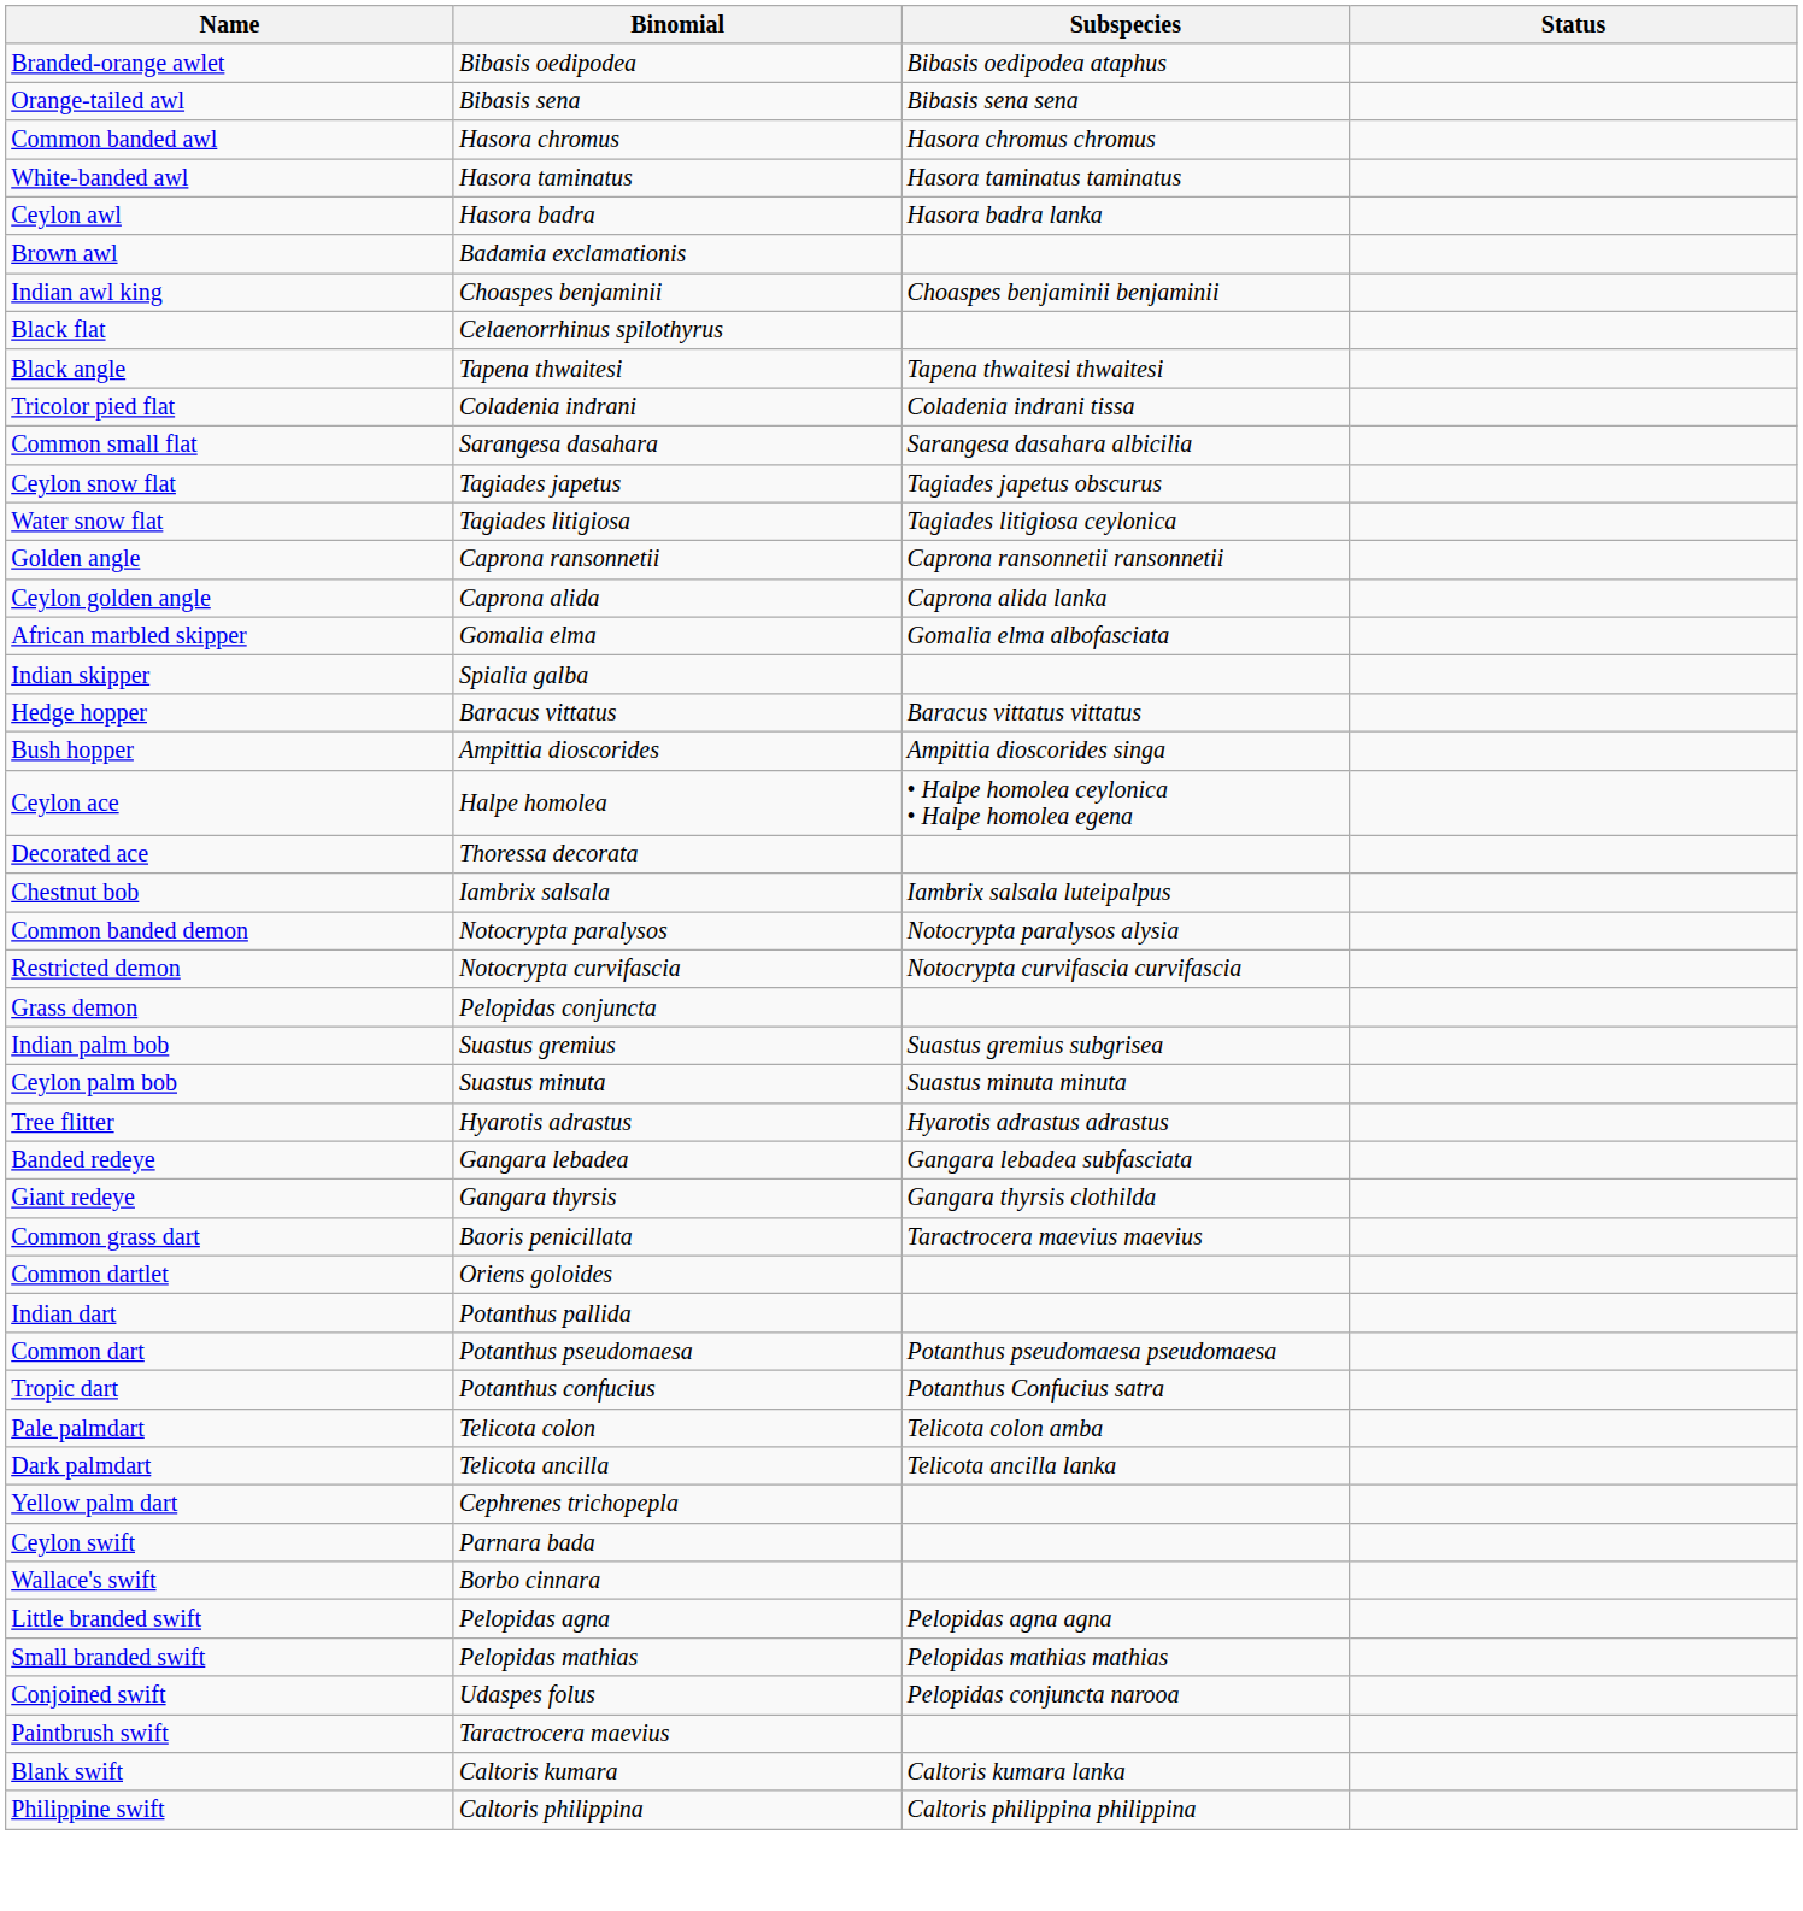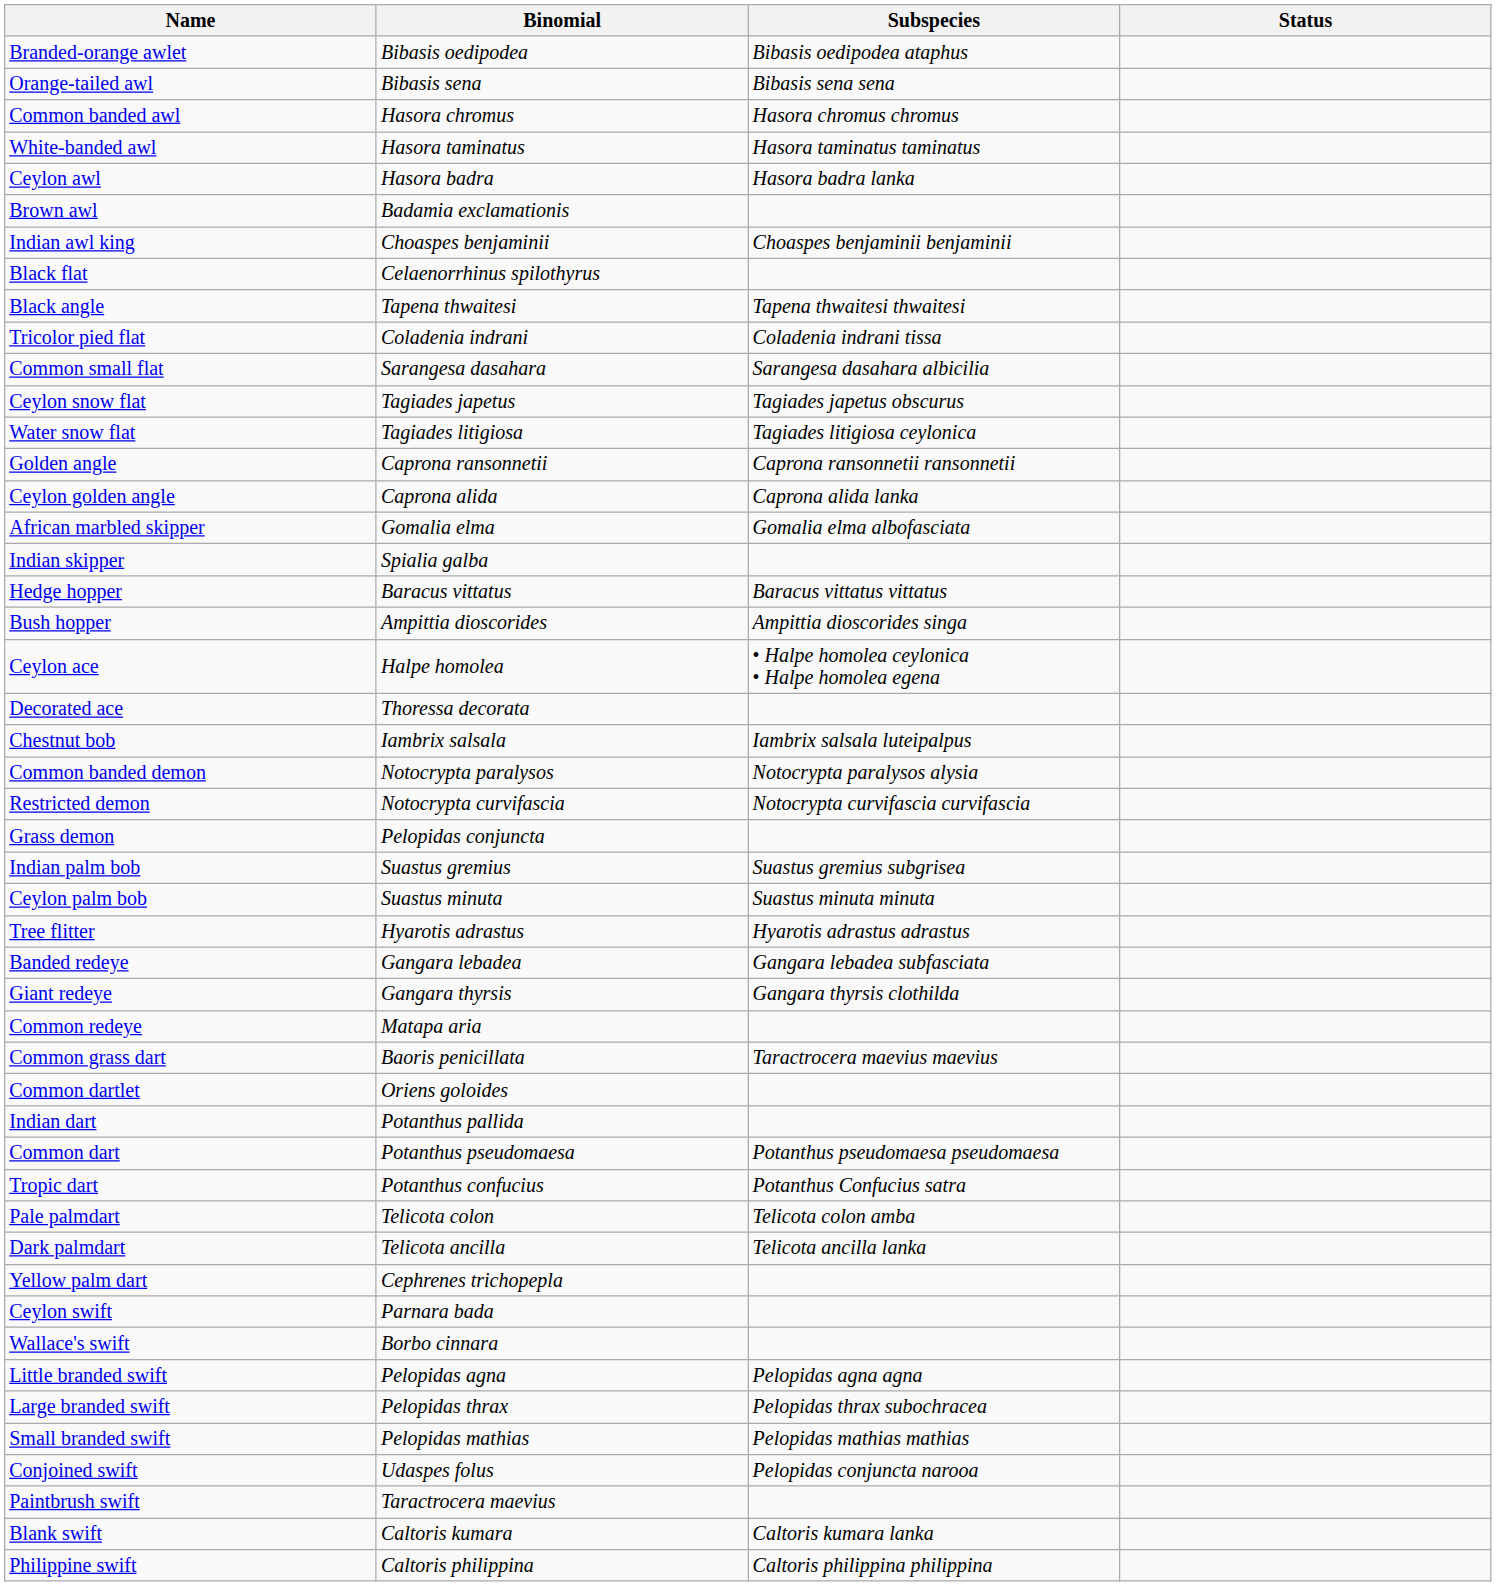 <table width=60% class="wikitable">
 <tr>
 <th width=20%>Name</th>
 <th width=20%>Binomial</th>
 <th width=20%>Subspecies</th>
 <th width=20%>Status</th>
 </tr>
 <tr>
 <td><a href='#'>Branded-orange awlet</a><br></td>
 <td><em>Bibasis oedipodea</em></td>
 <td><em>Bibasis oedipodea ataphus</em></td>
 <td></td>
 </tr>
 <tr>
 <td><a href='#'>Orange-tailed awl</a><br> </td>
 <td><em>Bibasis sena</em></td>
 <td><em>Bibasis sena sena</em></td>
 <td></td>
 </tr>
 <tr>
 <td><a href='#'>Common banded awl</a><br> </td>
 <td><em>Hasora chromus</em></td>
 <td><em>Hasora chromus chromus</em></td>
 <td></td>
 </tr>
 <tr>
 <td><a href='#'>White-banded awl</a><br></td>
 <td><em>Hasora taminatus</em></td>
 <td><em>Hasora taminatus taminatus</em></td>
 <td></td>
 </tr>
 <tr>
 <td><a href='#'>Ceylon awl</a><br> </td>
 <td><em>Hasora badra</em></td>
 <td><em>Hasora badra lanka</em></td>
 <td></td>
 </tr>
 <tr>
 <td><a href='#'>Brown awl</a><br> </td>
 <td><em>Badamia exclamationis</em></td>
 <td></td>
 <td></td>
 </tr>
 <tr>
 <td><a href='#'>Indian awl king</a><br> </td>
 <td><em>Choaspes benjaminii</em></td>
 <td><em>Choaspes benjaminii benjaminii</em></td>
 <td></td>
 </tr>
 <tr>
 <td><a href='#'>Black flat</a><br> </td>
 <td><em>Celaenorrhinus spilothyrus</em></td>
 <td></td>
 <td></td>
 </tr>
 <tr>
 <td><a href='#'>Black angle</a><br>  </td>
 <td><em>Tapena thwaitesi</em></td>
 <td><em>Tapena thwaitesi thwaitesi</em></td>
 <td></td>
 </tr>
 <tr>
 <td><a href='#'>Tricolor pied flat</a><br>  </td>
 <td><em>Coladenia indrani</em></td>
 <td><em>Coladenia indrani tissa</em></td>
 <td></td>
 </tr>
 <tr>
 <td><a href='#'>Common small flat</a><br> </td>
 <td><em>Sarangesa dasahara</em></td>
 <td><em>Sarangesa dasahara albicilia</em></td>
 <td></td>
 </tr>
 <tr>
 <td><a href='#'>Ceylon snow flat</a><br> </td>
 <td><em>Tagiades japetus</em></td>
 <td><em>Tagiades japetus obscurus</em></td>
 <td></td>
 </tr>
 <tr>
 <td><a href='#'>Water snow flat</a><br> </td>
 <td><em>Tagiades litigiosa</em></td>
 <td><em>Tagiades litigiosa ceylonica</em></td>
 <td></td>
 </tr>
 <tr>
 <td><a href='#'>Golden angle</a><br>  </td>
 <td><em>Caprona ransonnetii</em></td>
 <td><em>Caprona ransonnetii ransonnetii</em></td>
 <td></td>
 </tr>
 <tr>
 <td><a href='#'>Ceylon golden angle</a></td>
 <td><em>Caprona alida</em></td>
 <td><em>Caprona alida lanka</em></td>
 <td></td>
 </tr>
 <tr>
 <td><a href='#'>African marbled skipper</a></td>
 <td><em>Gomalia elma</em></td>
 <td><em>Gomalia elma albofasciata</em></td>
 <td></td>
 </tr>
 <tr>
 <td><a href='#'>Indian skipper</a><br> </td>
 <td><em>Spialia galba</em></td>
 <td></td>
 <td></td>
 </tr>
 <tr>
 <td><a href='#'>Hedge hopper</a></td>
 <td><em>Baracus vittatus</em></td>
 <td><em>Baracus vittatus vittatus</em></td>
 <td></td>
 </tr>
 <tr>
 <td><a href='#'>Bush hopper</a><br>  </td>
 <td><em>Ampittia dioscorides</em></td>
 <td><em>Ampittia dioscorides singa</em></td>
 <td></td>
 </tr>
 <tr>
 <td><a href='#'>Ceylon ace</a><br> </td>
 <td><em>Halpe homolea</em></td>
 <td>• <em>Halpe homolea ceylonica</em><br>• <em>Halpe homolea egena</em></td>
 <td></td>
 </tr>
 <tr>
 <td><a href='#'>Decorated ace</a><br></td>
 <td><em>Thoressa decorata</em></td>
 <td></td>
 <td></td>
 </tr>
 <tr>
 <td><a href='#'>Chestnut bob</a><br> </td>
 <td><em>Iambrix salsala</em></td>
 <td><em>Iambrix salsala luteipalpus</em></td>
 <td></td>
 </tr>
 <tr>
 <td><a href='#'>Common banded demon</a><br> </td>
 <td><em>Notocrypta paralysos</em></td>
 <td><em>Notocrypta paralysos alysia</em></td>
 <td></td>
 </tr>
 <tr>
 <td><a href='#'>Restricted demon</a><br> </td>
 <td><em>Notocrypta curvifascia</em></td>
 <td><em>Notocrypta curvifascia curvifascia</em></td>
 <td></td>
 </tr>
 <tr>
 <td><a href='#'>Grass demon</a><br> </td>
 <td><em>Pelopidas conjuncta</em></td>
 <td></td>
 <td></td>
 </tr>
 <tr>
 <td><a href='#'>Indian palm bob</a><br> </td>
 <td><em>Suastus gremius</em></td>
 <td><em>Suastus gremius subgrisea</em></td>
 <td></td>
 </tr>
 <tr>
 <td><a href='#'>Ceylon palm bob</a><br></td>
 <td><em>Suastus minuta</em></td>
 <td><em>Suastus minuta minuta</em></td>
 <td></td>
 </tr>
 <tr>
 <td><a href='#'>Tree flitter</a><br></td>
 <td><em>Hyarotis adrastus</em></td>
 <td><em>Hyarotis adrastus adrastus</em></td>
 <td></td>
 </tr>
 <tr>
 <td><a href='#'>Banded redeye</a><br></td>
 <td><em>Gangara lebadea</em></td>
 <td><em>Gangara lebadea subfasciata</em></td>
 <td></td>
 </tr>
 <tr>
 <td><a href='#'>Giant redeye</a><br> </td>
 <td><em>Gangara thyrsis</em></td>
 <td><em>Gangara thyrsis clothilda</em></td>
 <td></td>
 </tr>
 <tr>
+<td><a href='#'>Common redeye</a><br> </td>
+<td><em>Matapa aria</em></td>
+<td></td>
+<td></td>
+</tr>
+<tr>
 <td><a href='#'>Common grass dart</a><br> </td>
 <td><em>Baoris penicillata</em></td>
 <td><em>Taractrocera maevius maevius</em></td>
 <td></td>
 </tr>
 <tr>
 <td><a href='#'>Common dartlet</a><br> </td>
 <td><em>Oriens goloides</em></td>
 <td></td>
 <td></td>
 </tr>
 <tr>
 <td><a href='#'>Indian dart</a></td>
 <td><em>Potanthus pallida</em></td>
 <td></td>
 <td></td>
 </tr>
 <tr>
 <td><a href='#'>Common dart</a><br> </td>
 <td><em>Potanthus pseudomaesa</em></td>
 <td><em>Potanthus pseudomaesa pseudomaesa</em></td>
 <td></td>
 </tr>
 <tr>
 <td><a href='#'>Tropic dart</a><br> </td>
 <td><em>Potanthus confucius</em></td>
 <td><em>Potanthus Confucius satra</em></td>
 <td></td>
 </tr>
 <tr>
 <td><a href='#'>Pale palmdart</a><br> </td>
 <td><em>Telicota colon</em></td>
 <td><em>Telicota colon amba</em></td>
 <td></td>
 </tr>
 <tr>
 <td><a href='#'>Dark palmdart</a><br> </td>
 <td><em>Telicota ancilla</em></td>
 <td><em>Telicota ancilla lanka</em></td>
 <td></td>
 </tr>
 <tr>
 <td><a href='#'>Yellow palm dart</a><br></td>
 <td><em>Cephrenes trichopepla</em></td>
 <td></td>
 <td></td>
 </tr>
 <tr>
 <td><a href='#'>Ceylon swift</a><br> </td>
 <td><em>Parnara bada</em></td>
 <td></td>
 <td></td>
 </tr>
 <tr>
 <td><a href='#'>Wallace's swift</a><br></td>
 <td><em>Borbo cinnara</em></td>
 <td></td>
 <td></td>
 </tr>
 <tr>
 <td><a href='#'>Little branded swift</a><br> </td>
 <td><em>Pelopidas agna</em></td>
 <td><em>Pelopidas agna agna</em></td>
 <td></td>
 </tr>
 <tr>
+<td><a href='#'>Large branded swift</a><br> </td>
+<td><em>Pelopidas thrax</em></td>
+<td><em>Pelopidas thrax subochracea</em></td>
+<td></td>
+</tr>
+<tr>
 <td><a href='#'>Small branded swift</a><br> </td>
 <td><em>Pelopidas mathias</em></td>
 <td><em>Pelopidas mathias mathias</em></td>
 <td></td>
 </tr>
 <tr>
 <td><a href='#'>Conjoined swift</a><br> </td>
 <td><em>Udaspes folus</em></td>
 <td><em>Pelopidas conjuncta narooa</em></td>
 <td></td>
 </tr>
 <tr>
 <td><a href='#'>Paintbrush swift</a></td>
 <td><em>Taractrocera maevius</em></td>
 <td></td>
 <td></td>
 </tr>
 <tr>
 <td><a href='#'>Blank swift</a><br> </td>
 <td><em>Caltoris kumara</em></td>
 <td><em>Caltoris kumara lanka</em></td>
 <td></td>
 </tr>
 <tr>
 <td><a href='#'>Philippine swift</a></td>
 <td><em>Caltoris philippina</em></td>
 <td><em>Caltoris philippina philippina</em></td>
 <td></td>
 </tr>
 </table>
